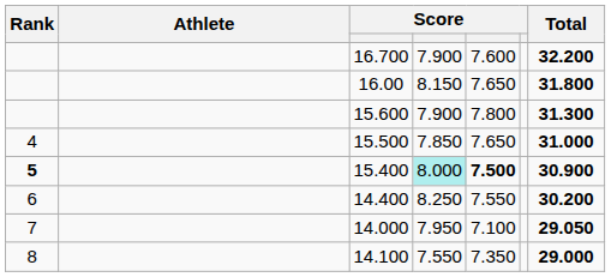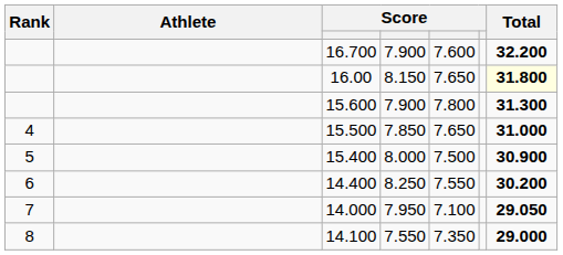 <table class=wikitable style="text-align:center">
 <tr>
 <th width="40" rowspan="2">Rank</th>
 <th width="250" rowspan="2">Athlete</th>
 <th width="60" colspan="4">Score</th>
 <th width="60" rowspan="2">Total</th>
 </tr>
 <tr>
 <th></th>
 <th></th>
 <th></th>
 <th></th>
 </tr>
 <tr>
 <td></td>
 <td align="left"></td>
 <td>16.700</td>
 <td>7.900</td>
 <td>7.600</td>
 <td></td>
 <td><strong>32.200</strong></td>
 </tr>
 <tr>
 <td></td>
 <td align="left"></td>
 <td>16.00</td>
 <td>8.150</td>
 <td>7.650</td>
 <td></td>
-<td><strong>31.800</strong></td>
+<td style="background: lightyellow;"><strong>31.800</strong></td>
 </tr>
 <tr>
 <td></td>
 <td align="left"></td>
 <td>15.600</td>
 <td>7.900</td>
 <td>7.800</td>
 <td></td>
 <td><strong>31.300</strong></td>
 </tr>
 <tr>
 <td>4</td>
 <td align="left"></td>
 <td>15.500</td>
 <td>7.850</td>
 <td>7.650</td>
 <td></td>
 <td><strong>31.000</strong></td>
 </tr>
 <tr>
-<td><strong>5</strong></td>
+<td>5</td>
 <td align="left"></td>
 <td>15.400</td>
-<td style="background: paleturquoise;">8.000</td>
-<td><strong>7.500</strong></td>
+<td>8.000</td>
+<td>7.500</td>
 <td></td>
 <td><strong>30.900</strong></td>
 </tr>
 <tr>
 <td>6</td>
 <td align="left"></td>
 <td>14.400</td>
 <td>8.250</td>
 <td>7.550</td>
 <td></td>
 <td><strong>30.200</strong></td>
 </tr>
 <tr>
 <td>7</td>
 <td align="left"></td>
 <td>14.000</td>
 <td>7.950</td>
 <td>7.100</td>
 <td></td>
 <td><strong>29.050</strong></td>
 </tr>
 <tr>
 <td>8</td>
 <td align="left"></td>
 <td>14.100</td>
 <td>7.550</td>
 <td>7.350</td>
 <td></td>
 <td><strong>29.000</strong></td>
 </tr>
 </table>
